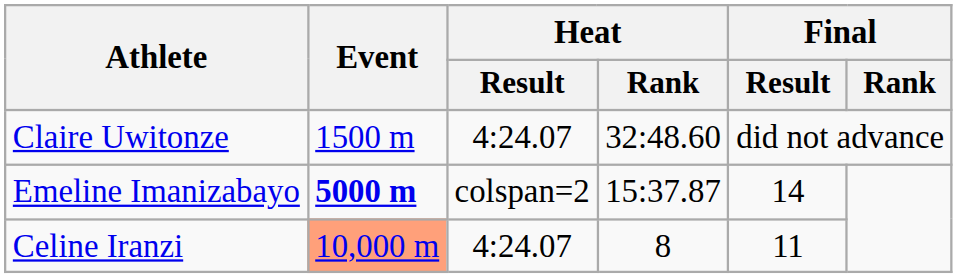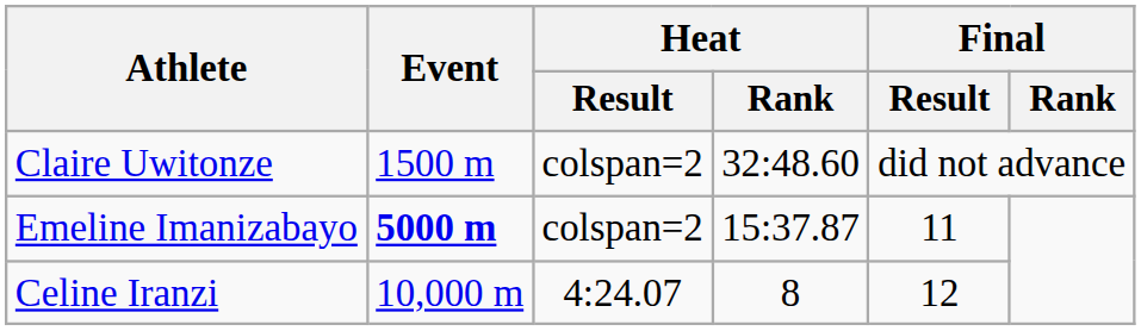 <table class="wikitable" style="font-size:90%; text-align:center">
 <tr>
 <th rowspan=2>Athlete</th>
 <th rowspan=2>Event</th>
 <th colspan=2>Heat</th>
 <th colspan=2>Final</th>
 </tr>
 <tr style="font-size:95%">
 <th>Result</th>
 <th>Rank</th>
 <th>Result</th>
 <th>Rank</th>
 </tr>
 <tr>
 <td align=left><a href='#'>Claire Uwitonze</a></td>
 <td align=left rowspan=1><a href='#'>1500 m</a></td>
-<td>4:24.07</td>
+<td>colspan=2 </td>
 <td>32:48.60</td>
 <td colspan=2>did not advance</td>
 </tr>
 <tr>
 <td align=left><a href='#'>Emeline Imanizabayo</a></td>
 <td align=left rowspan=1><strong><a href='#'>5000 m</a></strong></td>
 <td>colspan=2 </td>
 <td>15:37.87</td>
-<td>14</td>
+<td>11</td>
 </tr>
 <tr>
 <td align=left><a href='#'>Celine Iranzi</a></td>
-<td align=left rowspan=1 style="background: lightsalmon;"><a href='#'>10,000 m</a></td>
+<td align=left rowspan=1><a href='#'>10,000 m</a></td>
 <td>4:24.07</td>
 <td>8</td>
-<td>11</td>
+<td>12</td>
 </tr>
 </table>
